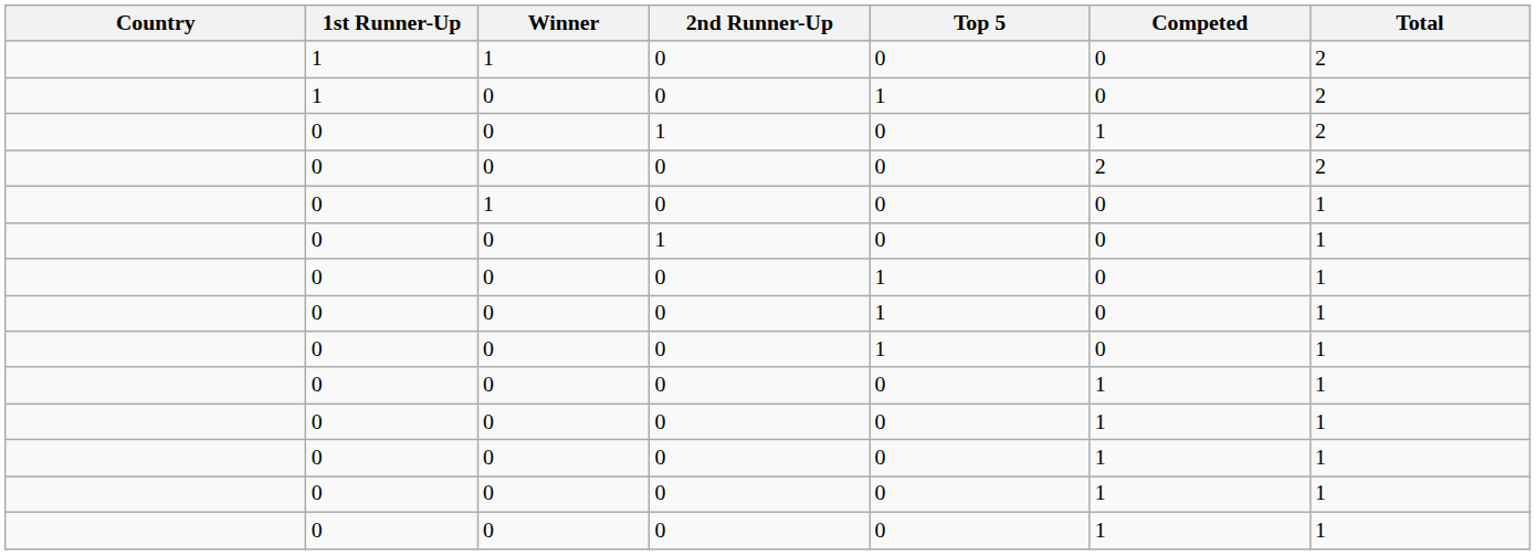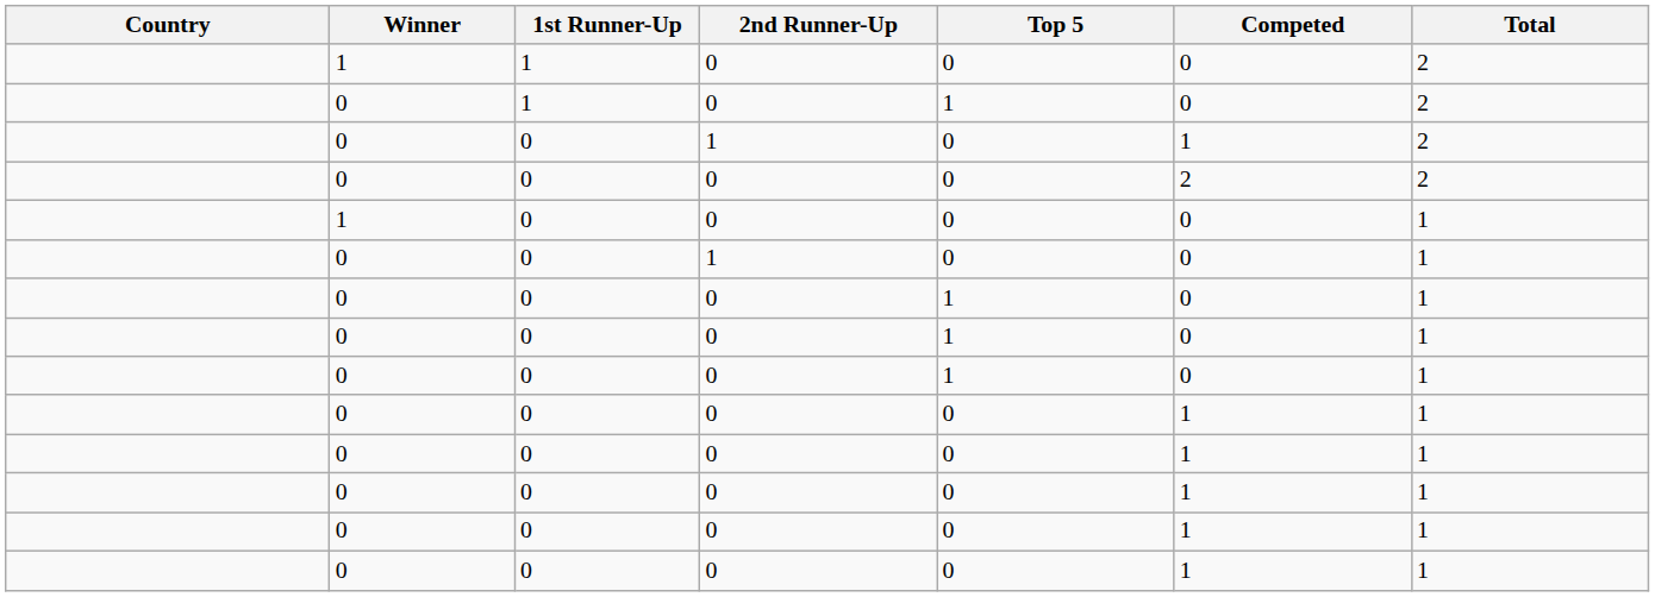 <table class="wikitable sortable static-row-numbers" style="font-size: 85%;"|->
 <tr>
 <th ! width=180>Country</th>
+<th ! width=100>Winner</th>
 <th ! width=100>1st Runner-Up</th>
-<th ! width=100>Winner</th>
 <th ! width=130>2nd Runner-Up</th>
 <th ! width=130>Top 5</th>
 <th ! width=130>Competed</th>
 <th ! width=130>Total</th>
 </tr>
 <tr>
 <td></td>
 <td>1</td>
 <td>1</td>
 <td>0</td>
 <td>0</td>
 <td>0</td>
 <td>2</td>
 </tr>
 <tr>
 <td></td>
+<td>0</td>
 <td>1</td>
-<td>0</td>
 <td>0</td>
 <td>1</td>
 <td>0</td>
 <td>2</td>
 </tr>
 <tr>
 <td></td>
 <td>0</td>
 <td>0</td>
 <td>1</td>
 <td>0</td>
 <td>1</td>
 <td>2</td>
 </tr>
 <tr>
 <td></td>
 <td>0</td>
 <td>0</td>
 <td>0</td>
 <td>0</td>
 <td>2</td>
 <td>2</td>
 </tr>
 <tr>
 <td></td>
+<td>1</td>
 <td>0</td>
-<td>1</td>
 <td>0</td>
 <td>0</td>
 <td>0</td>
 <td>1</td>
 </tr>
 <tr>
 <td></td>
 <td>0</td>
 <td>0</td>
 <td>1</td>
 <td>0</td>
 <td>0</td>
 <td>1</td>
 </tr>
 <tr>
 <td></td>
 <td>0</td>
 <td>0</td>
 <td>0</td>
 <td>1</td>
 <td>0</td>
 <td>1</td>
 </tr>
 <tr>
 <td></td>
 <td>0</td>
 <td>0</td>
 <td>0</td>
 <td>1</td>
 <td>0</td>
 <td>1</td>
 </tr>
 <tr>
 <td></td>
 <td>0</td>
 <td>0</td>
 <td>0</td>
 <td>1</td>
 <td>0</td>
 <td>1</td>
 </tr>
 <tr>
 <td></td>
 <td>0</td>
 <td>0</td>
 <td>0</td>
 <td>0</td>
 <td>1</td>
 <td>1</td>
 </tr>
 <tr>
 <td></td>
 <td>0</td>
 <td>0</td>
 <td>0</td>
 <td>0</td>
 <td>1</td>
 <td>1</td>
 </tr>
 <tr>
 <td></td>
 <td>0</td>
 <td>0</td>
 <td>0</td>
 <td>0</td>
 <td>1</td>
 <td>1</td>
 </tr>
 <tr>
 <td></td>
 <td>0</td>
 <td>0</td>
 <td>0</td>
 <td>0</td>
 <td>1</td>
 <td>1</td>
 </tr>
 <tr>
 <td></td>
 <td>0</td>
 <td>0</td>
 <td>0</td>
 <td>0</td>
 <td>1</td>
 <td>1</td>
 </tr>
 </table>
